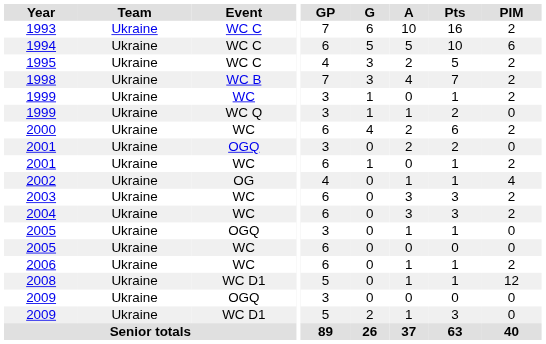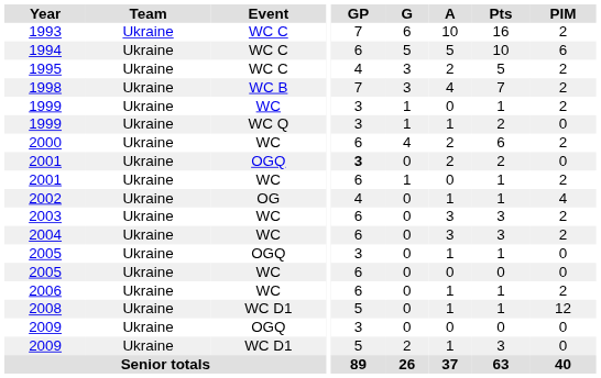 <table border="0" cellpadding="1" cellspacing="0" style="text-align:center; width:40em">
 <tr bgcolor="#e0e0e0">
 <th>Year</th>
 <th>Team</th>
 <th>Event</th>
 <th rowspan="99" bgcolor="#ffffff"></th>
 <th>GP</th>
 <th>G</th>
 <th>A</th>
 <th>Pts</th>
 <th>PIM</th>
 </tr>
 <tr>
 <td><a href='#'>1993</a></td>
 <td><a href='#'>Ukraine</a></td>
 <td><a href='#'>WC C</a></td>
 <td>7</td>
 <td>6</td>
 <td>10</td>
 <td>16</td>
 <td>2</td>
 </tr>
 <tr bgcolor="#f0f0f0">
 <td><a href='#'>1994</a></td>
 <td>Ukraine</td>
 <td>WC C</td>
 <td>6</td>
 <td>5</td>
 <td>5</td>
 <td>10</td>
 <td>6</td>
 </tr>
 <tr>
 <td><a href='#'>1995</a></td>
 <td>Ukraine</td>
 <td>WC C</td>
 <td>4</td>
 <td>3</td>
 <td>2</td>
 <td>5</td>
 <td>2</td>
 </tr>
 <tr bgcolor="#f0f0f0">
 <td><a href='#'>1998</a></td>
 <td>Ukraine</td>
 <td><a href='#'>WC B</a></td>
 <td>7</td>
 <td>3</td>
 <td>4</td>
 <td>7</td>
 <td>2</td>
 </tr>
 <tr>
 <td><a href='#'>1999</a></td>
 <td>Ukraine</td>
 <td><a href='#'>WC</a></td>
 <td>3</td>
 <td>1</td>
 <td>0</td>
 <td>1</td>
 <td>2</td>
 </tr>
 <tr bgcolor="#f0f0f0">
 <td><a href='#'>1999</a></td>
 <td>Ukraine</td>
 <td>WC Q</td>
 <td>3</td>
 <td>1</td>
 <td>1</td>
 <td>2</td>
 <td>0</td>
 </tr>
 <tr>
 <td><a href='#'>2000</a></td>
 <td>Ukraine</td>
 <td>WC</td>
 <td>6</td>
 <td>4</td>
 <td>2</td>
 <td>6</td>
 <td>2</td>
 </tr>
 <tr bgcolor="#f0f0f0">
 <td><a href='#'>2001</a></td>
 <td>Ukraine</td>
 <td><a href='#'>OGQ</a></td>
-<td>3</td>
+<td><strong>3</strong></td>
 <td>0</td>
 <td>2</td>
 <td>2</td>
 <td>0</td>
 </tr>
 <tr>
 <td><a href='#'>2001</a></td>
 <td>Ukraine</td>
 <td>WC</td>
 <td>6</td>
 <td>1</td>
 <td>0</td>
 <td>1</td>
 <td>2</td>
 </tr>
 <tr bgcolor="#f0f0f0">
 <td><a href='#'>2002</a></td>
 <td>Ukraine</td>
 <td>OG</td>
 <td>4</td>
 <td>0</td>
 <td>1</td>
 <td>1</td>
 <td>4</td>
 </tr>
 <tr>
 <td><a href='#'>2003</a></td>
 <td>Ukraine</td>
 <td>WC</td>
 <td>6</td>
 <td>0</td>
 <td>3</td>
 <td>3</td>
 <td>2</td>
 </tr>
 <tr bgcolor="#f0f0f0">
 <td><a href='#'>2004</a></td>
 <td>Ukraine</td>
 <td>WC</td>
 <td>6</td>
 <td>0</td>
 <td>3</td>
 <td>3</td>
 <td>2</td>
 </tr>
 <tr>
 <td><a href='#'>2005</a></td>
 <td>Ukraine</td>
 <td>OGQ</td>
 <td>3</td>
 <td>0</td>
 <td>1</td>
 <td>1</td>
 <td>0</td>
 </tr>
 <tr bgcolor="#f0f0f0">
 <td><a href='#'>2005</a></td>
 <td>Ukraine</td>
 <td>WC</td>
 <td>6</td>
 <td>0</td>
 <td>0</td>
 <td>0</td>
 <td>0</td>
 </tr>
 <tr>
 <td><a href='#'>2006</a></td>
 <td>Ukraine</td>
 <td>WC</td>
 <td>6</td>
 <td>0</td>
 <td>1</td>
 <td>1</td>
 <td>2</td>
 </tr>
 <tr bgcolor="#f0f0f0">
 <td><a href='#'>2008</a></td>
 <td>Ukraine</td>
 <td>WC D1</td>
 <td>5</td>
 <td>0</td>
 <td>1</td>
 <td>1</td>
 <td>12</td>
 </tr>
 <tr>
 <td><a href='#'>2009</a></td>
 <td>Ukraine</td>
 <td>OGQ</td>
 <td>3</td>
 <td>0</td>
 <td>0</td>
 <td>0</td>
 <td>0</td>
 </tr>
 <tr bgcolor="#f0f0f0">
 <td><a href='#'>2009</a></td>
 <td>Ukraine</td>
 <td>WC D1</td>
 <td>5</td>
 <td>2</td>
 <td>1</td>
 <td>3</td>
 <td>0</td>
 </tr>
 <tr bgcolor="#e0e0e0">
 <th colspan="3">Senior totals</th>
 <th>89</th>
 <th>26</th>
 <th>37</th>
 <th>63</th>
 <th>40</th>
 </tr>
 </table>
